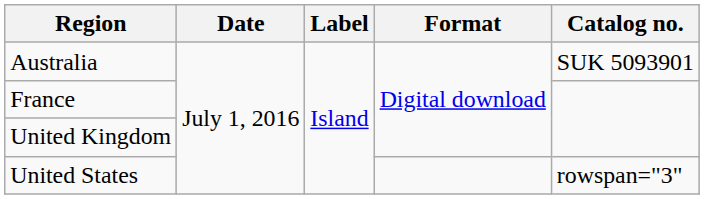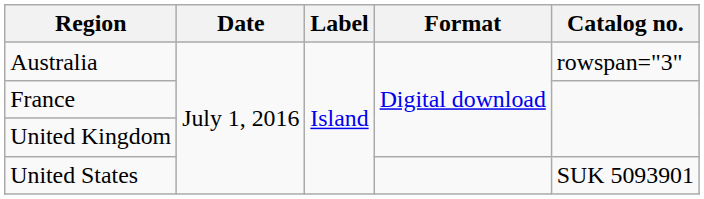 <table class=wikitable>
 <tr>
 <th>Region</th>
 <th>Date</th>
 <th>Label</th>
 <th>Format</th>
 <th>Catalog no.</th>
 </tr>
 <tr>
 <td>Australia</td>
 <td rowspan="4">July 1, 2016</td>
 <td rowspan="4"><a href='#'>Island</a></td>
 <td rowspan="3"><a href='#'>Digital download</a></td>
-<td>SUK 5093901 </td>
+<td>rowspan="3" </td>
 </tr>
 <tr>
 <td>France</td>
 </tr>
 <tr>
 <td>United Kingdom</td>
 </tr>
 <tr>
 <td>United States</td>
 <td></td>
-<td>rowspan="3" </td>
+<td>SUK 5093901 </td>
 </tr>
 </table>
